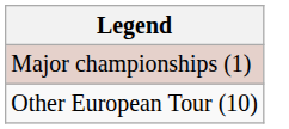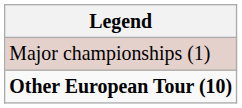 <table class="wikitable" style="font-size:95%;">
 <tr>
 <th>Legend</th>
 </tr>
 <tr style="background:#e5d1cb;">
 <td>Major championships (1)</td>
 </tr>
 <tr>
-<td>Other European Tour (10)</td>
+<td><strong>Other European Tour (10)</strong></td>
 </tr>
 </table>
